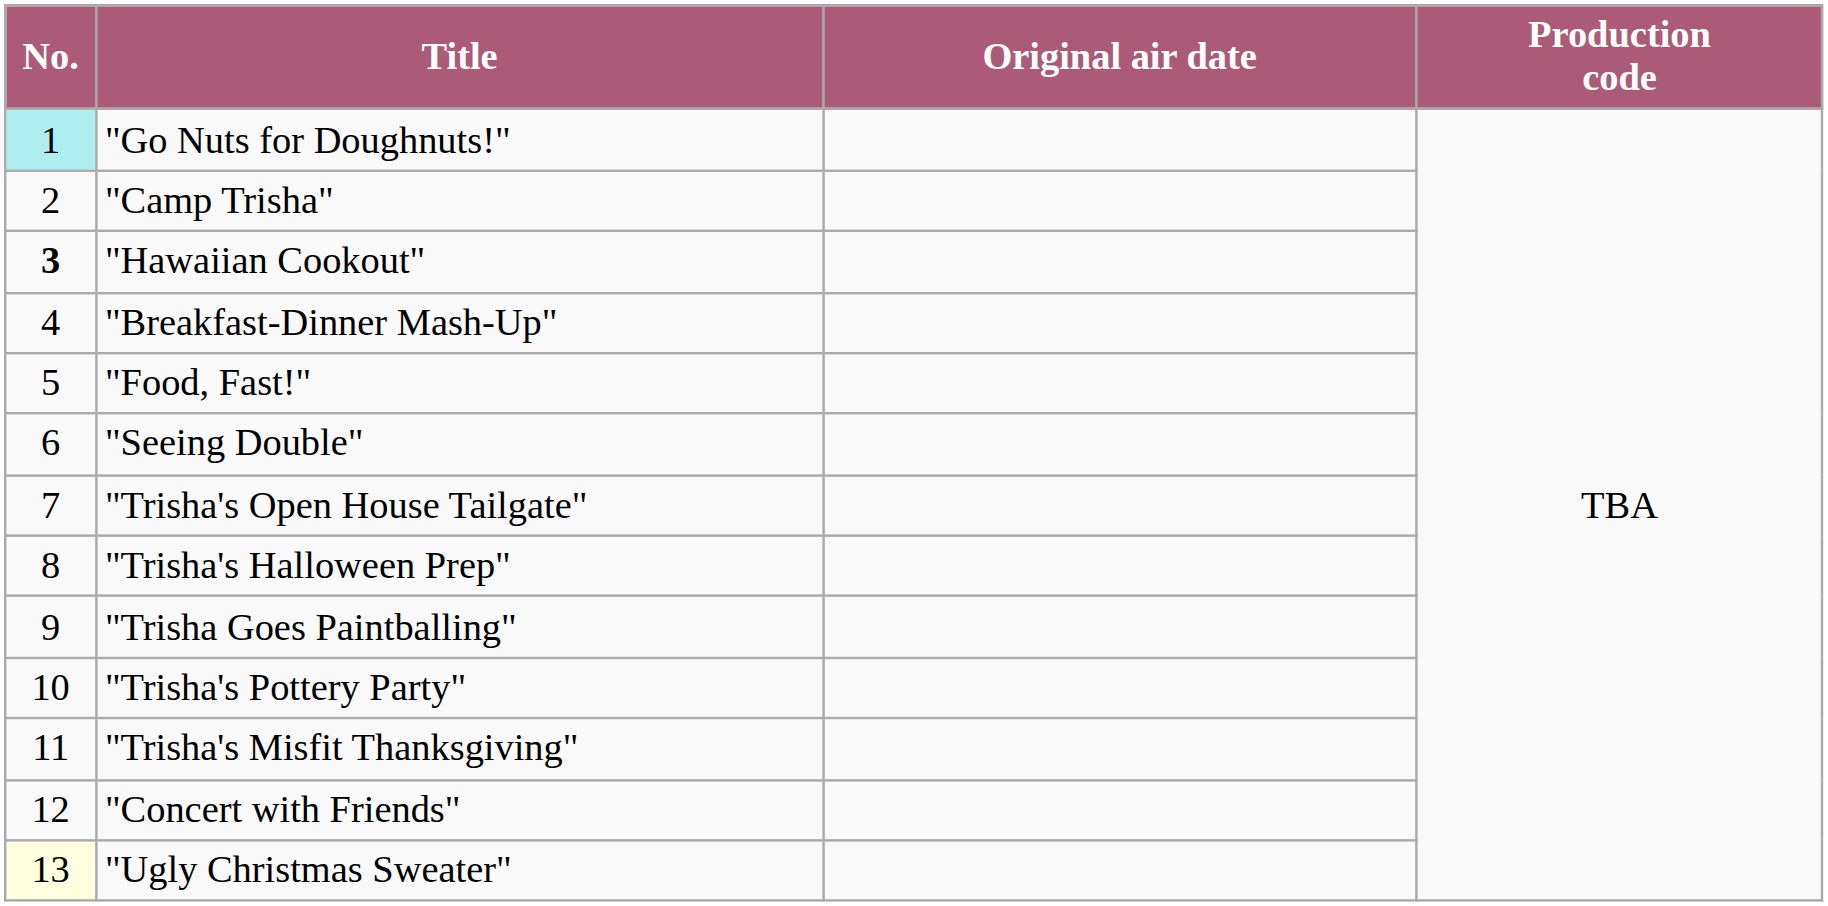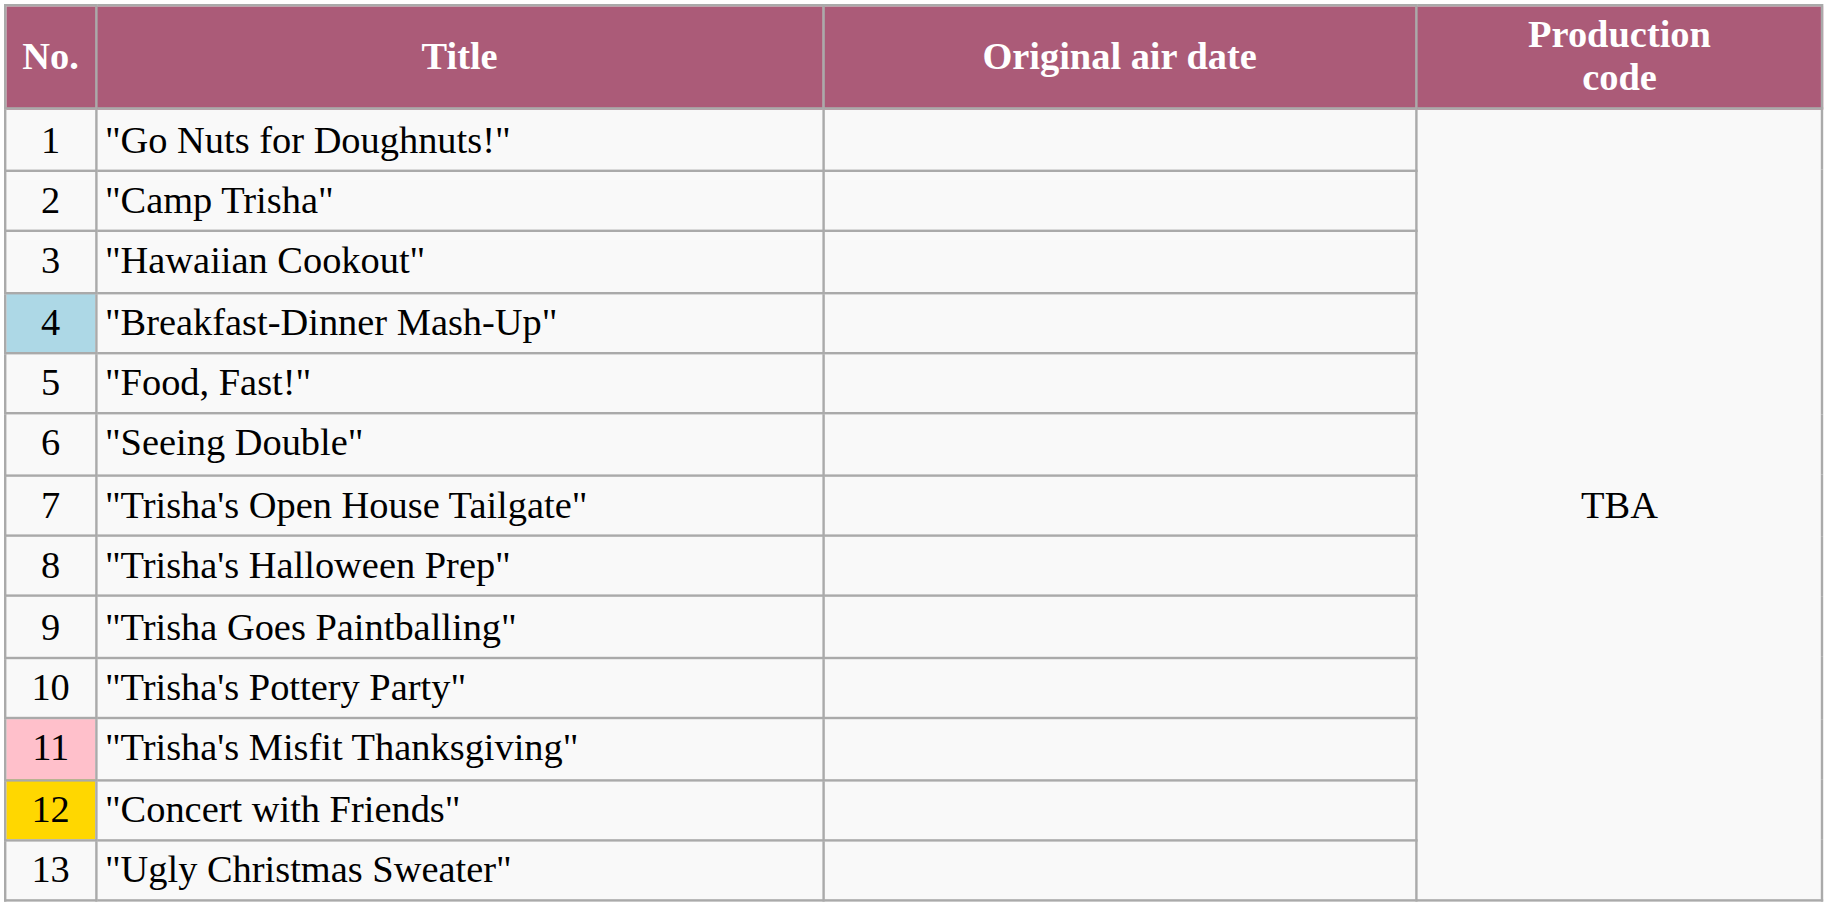 <table class="wikitable plainrowheaders" style="width:60%;">
 <tr>
 <th style="background-color: #ab5b78; color: #FFFFFF;" width=5%>No.</th>
 <th style="background-color: #ab5b78; color: #FFFFFF;" width=40%>Title</th>
 <th style="background-color: #ab5b78; color: #FFFFFF;">Original air date</th>
 <th style="background-color: #ab5b78; color: #FFFFFF;">Production<br>code</th>
 </tr>
 <tr>
-<td align=center style="background: paleturquoise;">1</td>
+<td align=center>1</td>
 <td>"Go Nuts for Doughnuts!"</td>
 <td align=center></td>
 <td align=center rowspan=13>TBA</td>
 </tr>
 <tr>
 <td align=center>2</td>
 <td>"Camp Trisha"</td>
 <td align=center></td>
 </tr>
 <tr>
-<td align=center><strong>3</strong></td>
+<td align=center>3</td>
 <td>"Hawaiian Cookout"</td>
 <td align=center></td>
 </tr>
 <tr>
-<td align=center>4</td>
+<td align=center style="background: lightblue;">4</td>
 <td>"Breakfast-Dinner Mash-Up"</td>
 <td align=center></td>
 </tr>
 <tr>
 <td align=center>5</td>
 <td>"Food, Fast!"</td>
 <td align=center></td>
 </tr>
 <tr>
 <td align=center>6</td>
 <td>"Seeing Double"</td>
 <td align=center></td>
 </tr>
 <tr>
 <td align=center>7</td>
 <td>"Trisha's Open House Tailgate"</td>
 <td align=center></td>
 </tr>
 <tr>
 <td align=center>8</td>
 <td>"Trisha's Halloween Prep"</td>
 <td align=center></td>
 </tr>
 <tr>
 <td align=center>9</td>
 <td>"Trisha Goes Paintballing"</td>
 <td align=center></td>
 </tr>
 <tr>
 <td align=center>10</td>
 <td>"Trisha's Pottery Party"</td>
 <td align=center></td>
 </tr>
 <tr>
-<td align=center>11</td>
+<td align=center style="background: pink;">11</td>
 <td>"Trisha's Misfit Thanksgiving"</td>
 <td align=center></td>
 </tr>
 <tr>
-<td align=center>12</td>
+<td align=center style="background: gold;">12</td>
 <td>"Concert with Friends"</td>
 <td align=center></td>
 </tr>
 <tr>
-<td align=center style="background: lightyellow;">13</td>
+<td align=center>13</td>
 <td>"Ugly Christmas Sweater"</td>
 <td align=center></td>
 </tr>
 </table>
